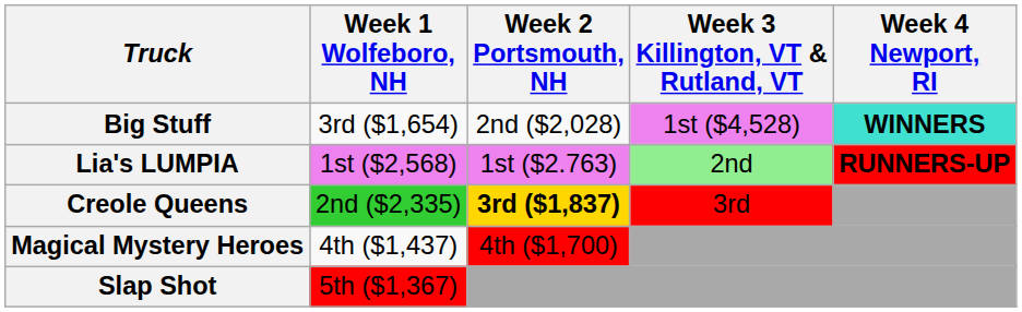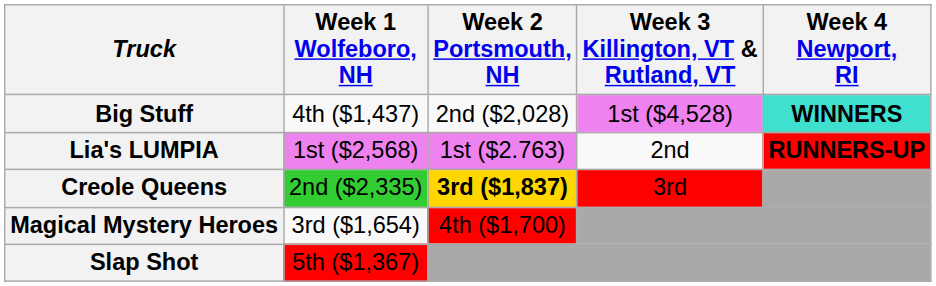 <table class="wikitable" style="text-align:center">
 <tr>
 <th><em>Truck</em></th>
 <th>Week 1<br><a href='#'>Wolfeboro, <br>NH</a></th>
 <th>Week 2<br><a href='#'>Portsmouth, <br>NH</a></th>
 <th>Week 3<br><a href='#'>Killington, VT</a> & <br><a href='#'>Rutland, VT</a></th>
 <th>Week 4<br><a href='#'>Newport, <br>RI</a></th>
 </tr>
 <tr>
 <th>Big Stuff</th>
-<td>3rd ($1,654)</td>
+<td>4th ($1,437)</td>
 <td>2nd ($2,028)</td>
 <td style="background:violet;">1st ($4,528)</td>
 <td style="background:turquoise;"><strong>WINNERS</strong></td>
 </tr>
 <tr>
 <th>Lia's LUMPIA</th>
 <td style="background:Violet;">1st ($2,568)</td>
 <td style="background:violet;">1st ($2.763)</td>
-<td style="background: lightgreen;">2nd</td>
+<td>2nd</td>
 <td style="background:red;"><strong>RUNNERS-UP</strong></td>
 </tr>
 <tr>
 <th>Creole Queens</th>
 <td style="background:limegreen;">2nd ($2,335)</td>
 <td style="background:gold;"><strong>3rd ($1,837)</strong></td>
 <td style="background:red;">3rd</td>
 <td colspan="1" style="background:darkgrey;"></td>
 </tr>
 <tr>
 <th>Magical Mystery Heroes</th>
-<td>4th ($1,437)</td>
+<td>3rd ($1,654)</td>
 <td style="background:red;">4th ($1,700)</td>
 <td colspan="2" style="background:darkgrey;"></td>
 </tr>
 <tr>
 <th>Slap Shot</th>
 <td style="background:red;">5th ($1,367)</td>
 <td colspan="3" style="background:darkgrey;"></td>
 </tr>
 </table>
